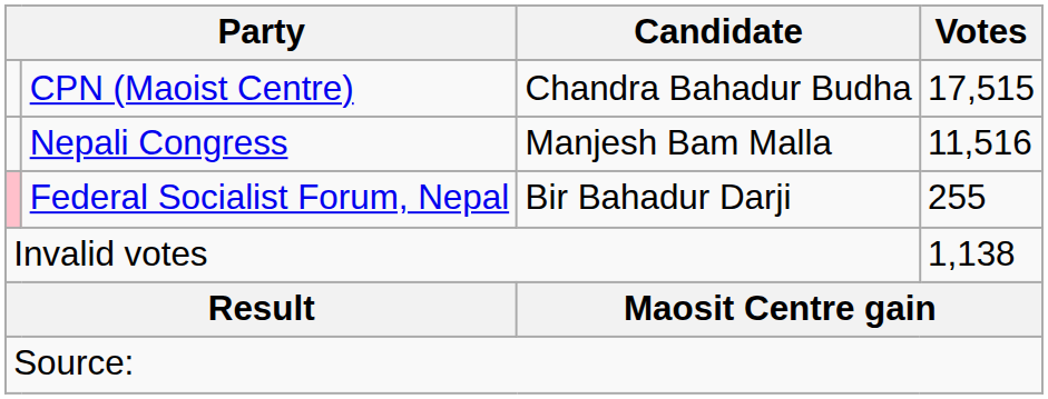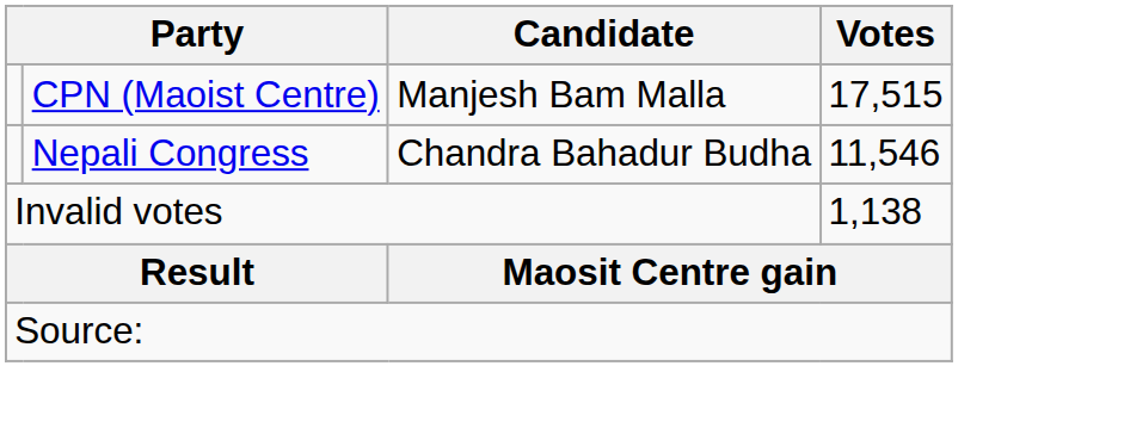 <table class="wikitable">
 <tr>
 <th colspan="2">Party</th>
 <th>Candidate</th>
 <th>Votes</th>
 </tr>
 <tr>
 <td style="background-color:"></td>
 <td><a href='#'>CPN (Maoist Centre)</a></td>
-<td>Chandra Bahadur Budha</td>
+<td>Manjesh Bam Malla</td>
 <td>17,515</td>
 </tr>
 <tr>
 <td style="background-color:"></td>
 <td><a href='#'>Nepali Congress</a></td>
-<td>Manjesh Bam Malla</td>
-<td>11,516</td>
-</tr>
-<tr>
-<td style="background-color:#ffc0cb"></td>
-<td><a href='#'>Federal Socialist Forum, Nepal</a></td>
-<td>Bir Bahadur Darji</td>
-<td>255</td>
+<td>Chandra Bahadur Budha</td>
+<td>11,546</td>
 </tr>
 <tr>
 <td colspan="3">Invalid votes</td>
 <td>1,138</td>
 </tr>
 <tr>
 <th colspan="2">Result</th>
 <th colspan="2">Maosit Centre gain</th>
 </tr>
 <tr>
 <td colspan="4">Source: </td>
 </tr>
 </table>
